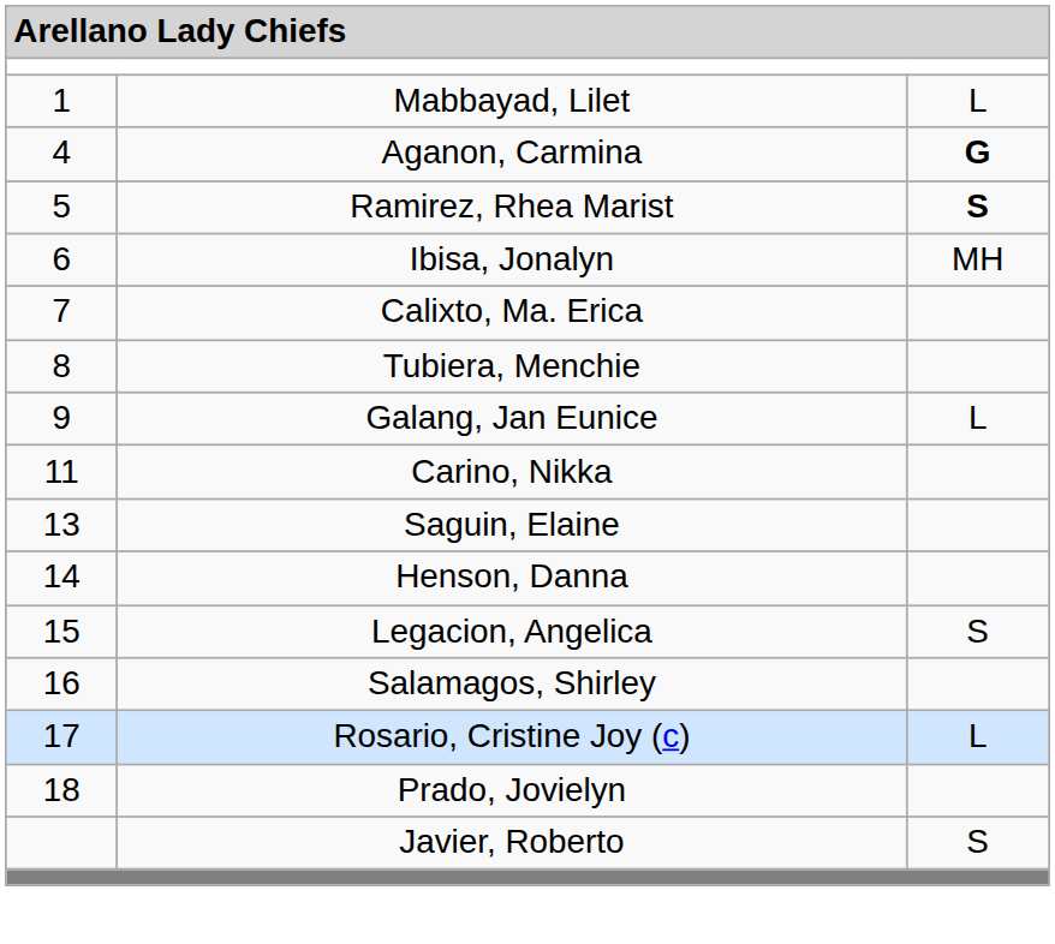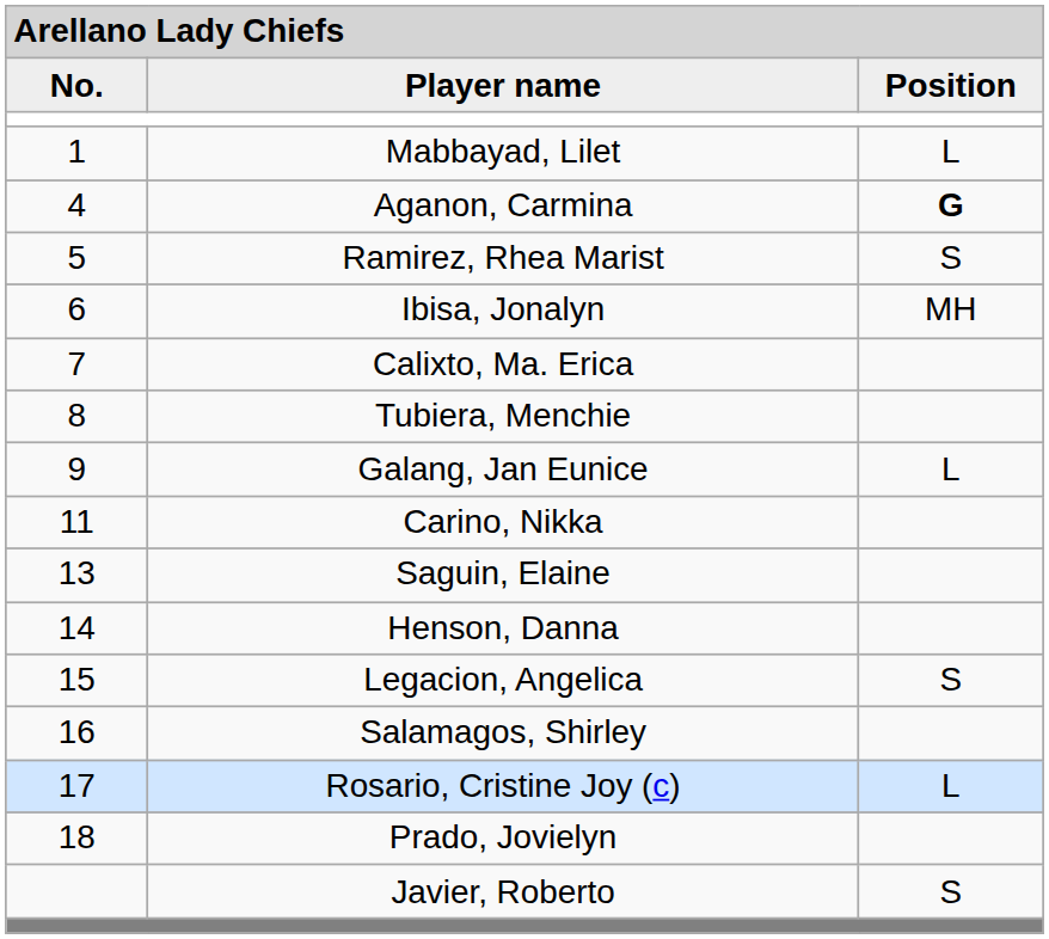 <table class='wikitable mw-collapsible mw-collapsed' style='text-align: center; width: 500px; border: none;'>
 <tr>
 <th style="background:#D4D4D4; text-align:left;" colspan=3> Arellano Lady Chiefs</th>
+</tr>
+<tr style="background:#EEEEEE; font-weight:bold;">
+<td width=10%>No.</td>
+<td width=50%>Player name</td>
+<td width=10%>Position</td>
 </tr>
 <tr style="background:#FFFFFF;">
 <td colspan=3 align=center></td>
 </tr>
 <tr>
 <td align=center>1</td>
 <td>Mabbayad, Lilet</td>
 <td align=center>L</td>
 </tr>
 <tr>
 <td align=center>4</td>
 <td>Aganon, Carmina</td>
 <td align=center><strong>G</strong></td>
 </tr>
 <tr>
 <td align=center>5</td>
 <td>Ramirez, Rhea Marist</td>
-<td align=center><strong>S</strong></td>
+<td align=center>S</td>
 </tr>
 <tr>
 <td align=center>6</td>
 <td>Ibisa, Jonalyn</td>
 <td align=center>MH</td>
 </tr>
 <tr>
 <td align=center>7</td>
 <td>Calixto, Ma. Erica</td>
 <td align=center></td>
 </tr>
 <tr>
 <td align=center>8</td>
 <td>Tubiera, Menchie</td>
 <td align=center></td>
 </tr>
 <tr>
 <td align=center>9</td>
 <td>Galang, Jan Eunice</td>
 <td align=center>L</td>
 </tr>
 <tr>
 <td align=center>11</td>
 <td>Carino, Nikka</td>
 <td align=center></td>
 </tr>
 <tr>
 <td align=center>13</td>
 <td>Saguin, Elaine</td>
 <td align=center></td>
 </tr>
 <tr>
 <td align=center>14</td>
 <td>Henson, Danna</td>
 <td align=center></td>
 </tr>
 <tr>
 <td align=center>15</td>
 <td>Legacion, Angelica</td>
 <td align=center>S</td>
 </tr>
 <tr>
 <td align=center>16</td>
 <td>Salamagos, Shirley</td>
 <td align=center></td>
 </tr>
 <tr style="background: #D0E6FF;">
 <td align=center>17</td>
 <td>Rosario, Cristine Joy (<a href='#'>c</a>)</td>
 <td align=center>L</td>
 </tr>
 <tr>
 <td align=center>18</td>
 <td>Prado, Jovielyn</td>
 <td align=center></td>
 </tr>
 <tr>
 <td align=center></td>
 <td>Javier, Roberto</td>
 <td align=center>S</td>
 </tr>
 <tr>
 <th style='background: grey;' colspan=3></th>
 </tr>
 </table>
